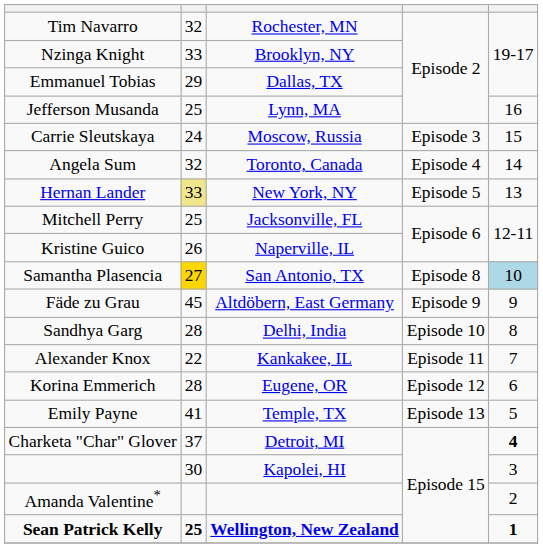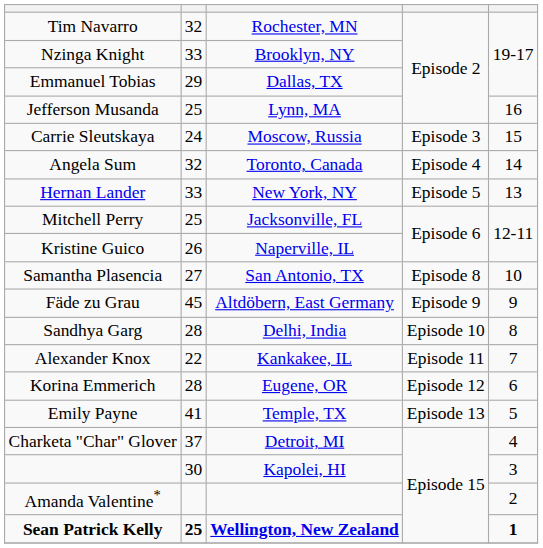 <table class="wikitable sortable" style="text-align:center;">
 <tr>
 <th></th>
 <th></th>
 <th></th>
 <th></th>
 <th></th>
 </tr>
 <tr>
 <td>Tim Navarro</td>
 <td>32</td>
 <td><a href='#'>Rochester, MN</a></td>
 <td rowspan="4">Episode 2</td>
 <td rowspan="3">19-17</td>
 </tr>
 <tr>
 <td>Nzinga Knight</td>
 <td>33</td>
 <td><a href='#'>Brooklyn, NY</a></td>
 </tr>
 <tr>
 <td>Emmanuel Tobias</td>
 <td>29</td>
 <td><a href='#'>Dallas, TX</a></td>
 </tr>
 <tr>
 <td>Jefferson Musanda</td>
 <td>25</td>
 <td><a href='#'>Lynn, MA</a></td>
 <td>16</td>
 </tr>
 <tr>
 <td>Carrie Sleutskaya</td>
 <td>24</td>
 <td><a href='#'>Moscow, Russia</a></td>
 <td>Episode 3</td>
 <td>15</td>
 </tr>
 <tr>
 <td>Angela Sum</td>
 <td>32</td>
 <td><a href='#'>Toronto, Canada</a></td>
 <td>Episode 4</td>
 <td>14</td>
 </tr>
 <tr>
 <td><a href='#'>Hernan Lander</a></td>
-<td style="background: khaki;">33</td>
+<td>33</td>
 <td><a href='#'>New York, NY</a></td>
 <td>Episode 5</td>
 <td>13</td>
 </tr>
 <tr>
 <td>Mitchell Perry</td>
 <td>25</td>
 <td><a href='#'>Jacksonville, FL</a></td>
 <td rowspan="2">Episode 6</td>
 <td rowspan="2">12-11</td>
 </tr>
 <tr>
 <td>Kristine Guico</td>
 <td>26</td>
 <td><a href='#'>Naperville, IL</a></td>
 </tr>
 <tr>
 <td>Samantha Plasencia</td>
-<td style="background: gold;">27</td>
+<td>27</td>
 <td><a href='#'>San Antonio, TX</a></td>
 <td>Episode 8</td>
-<td style="background: lightblue;">10</td>
+<td>10</td>
 </tr>
 <tr>
 <td>Fäde zu Grau</td>
 <td>45</td>
 <td><a href='#'>Altdöbern, East Germany</a></td>
 <td>Episode 9</td>
 <td>9</td>
 </tr>
 <tr>
 <td>Sandhya Garg</td>
 <td>28</td>
 <td><a href='#'>Delhi, India</a></td>
 <td>Episode 10</td>
 <td>8</td>
 </tr>
 <tr>
 <td>Alexander Knox</td>
 <td>22</td>
 <td><a href='#'>Kankakee, IL</a></td>
 <td>Episode 11</td>
 <td>7</td>
 </tr>
 <tr>
 <td>Korina Emmerich</td>
 <td>28</td>
 <td><a href='#'>Eugene, OR</a></td>
 <td>Episode 12</td>
 <td>6</td>
 </tr>
 <tr>
 <td>Emily Payne</td>
 <td>41</td>
 <td><a href='#'>Temple, TX</a></td>
 <td>Episode 13</td>
 <td>5</td>
 </tr>
 <tr>
 <td>Charketa "Char" Glover</td>
 <td>37</td>
 <td><a href='#'>Detroit, MI</a></td>
 <td rowspan="4">Episode 15</td>
-<td><strong>4</strong></td>
+<td>4</td>
 </tr>
 <tr>
 <td></td>
 <td>30</td>
 <td><a href='#'>Kapolei, HI</a></td>
 <td>3</td>
 </tr>
 <tr>
 <td>Amanda Valentine<sup>*</sup></td>
 <td></td>
 <td></td>
 <td>2</td>
 </tr>
 <tr>
 <td><strong>Sean Patrick Kelly</strong></td>
 <td><strong>25</strong></td>
 <td><strong><a href='#'>Wellington, New Zealand</a></strong></td>
 <td><strong>1</strong></td>
 </tr>
 <tr>
 </tr>
 </table>
